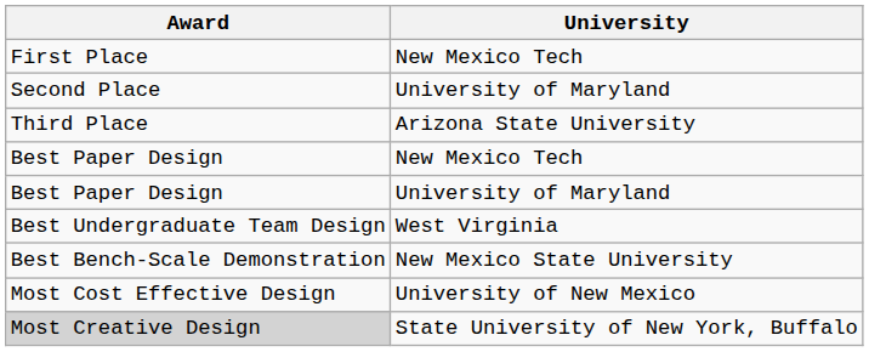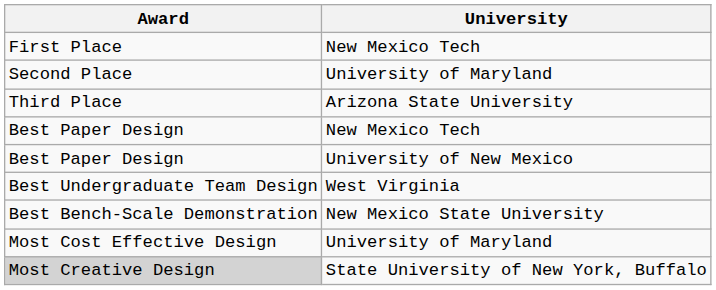 <table class="wikitable">
 <tr>
 <th>Award</th>
 <th>University</th>
 </tr>
 <tr>
 <td>First Place</td>
 <td>New Mexico Tech</td>
 </tr>
 <tr>
 <td>Second Place</td>
 <td>University of Maryland</td>
 </tr>
 <tr>
 <td>Third Place</td>
 <td>Arizona State University</td>
 </tr>
 <tr>
 <td>Best Paper Design</td>
 <td>New Mexico Tech</td>
 </tr>
 <tr>
 <td>Best Paper Design</td>
-<td>University of Maryland</td>
+<td>University of New Mexico</td>
 </tr>
 <tr>
 <td>Best Undergraduate Team Design</td>
 <td>West Virginia</td>
 </tr>
 <tr>
 <td>Best Bench-Scale Demonstration</td>
 <td>New Mexico State University</td>
 </tr>
 <tr>
 <td>Most Cost Effective Design</td>
-<td>University of New Mexico</td>
+<td>University of Maryland</td>
 </tr>
 <tr>
 <td style="background: lightgrey;">Most Creative Design</td>
 <td>State University of New York, Buffalo</td>
 </tr>
 </table>
